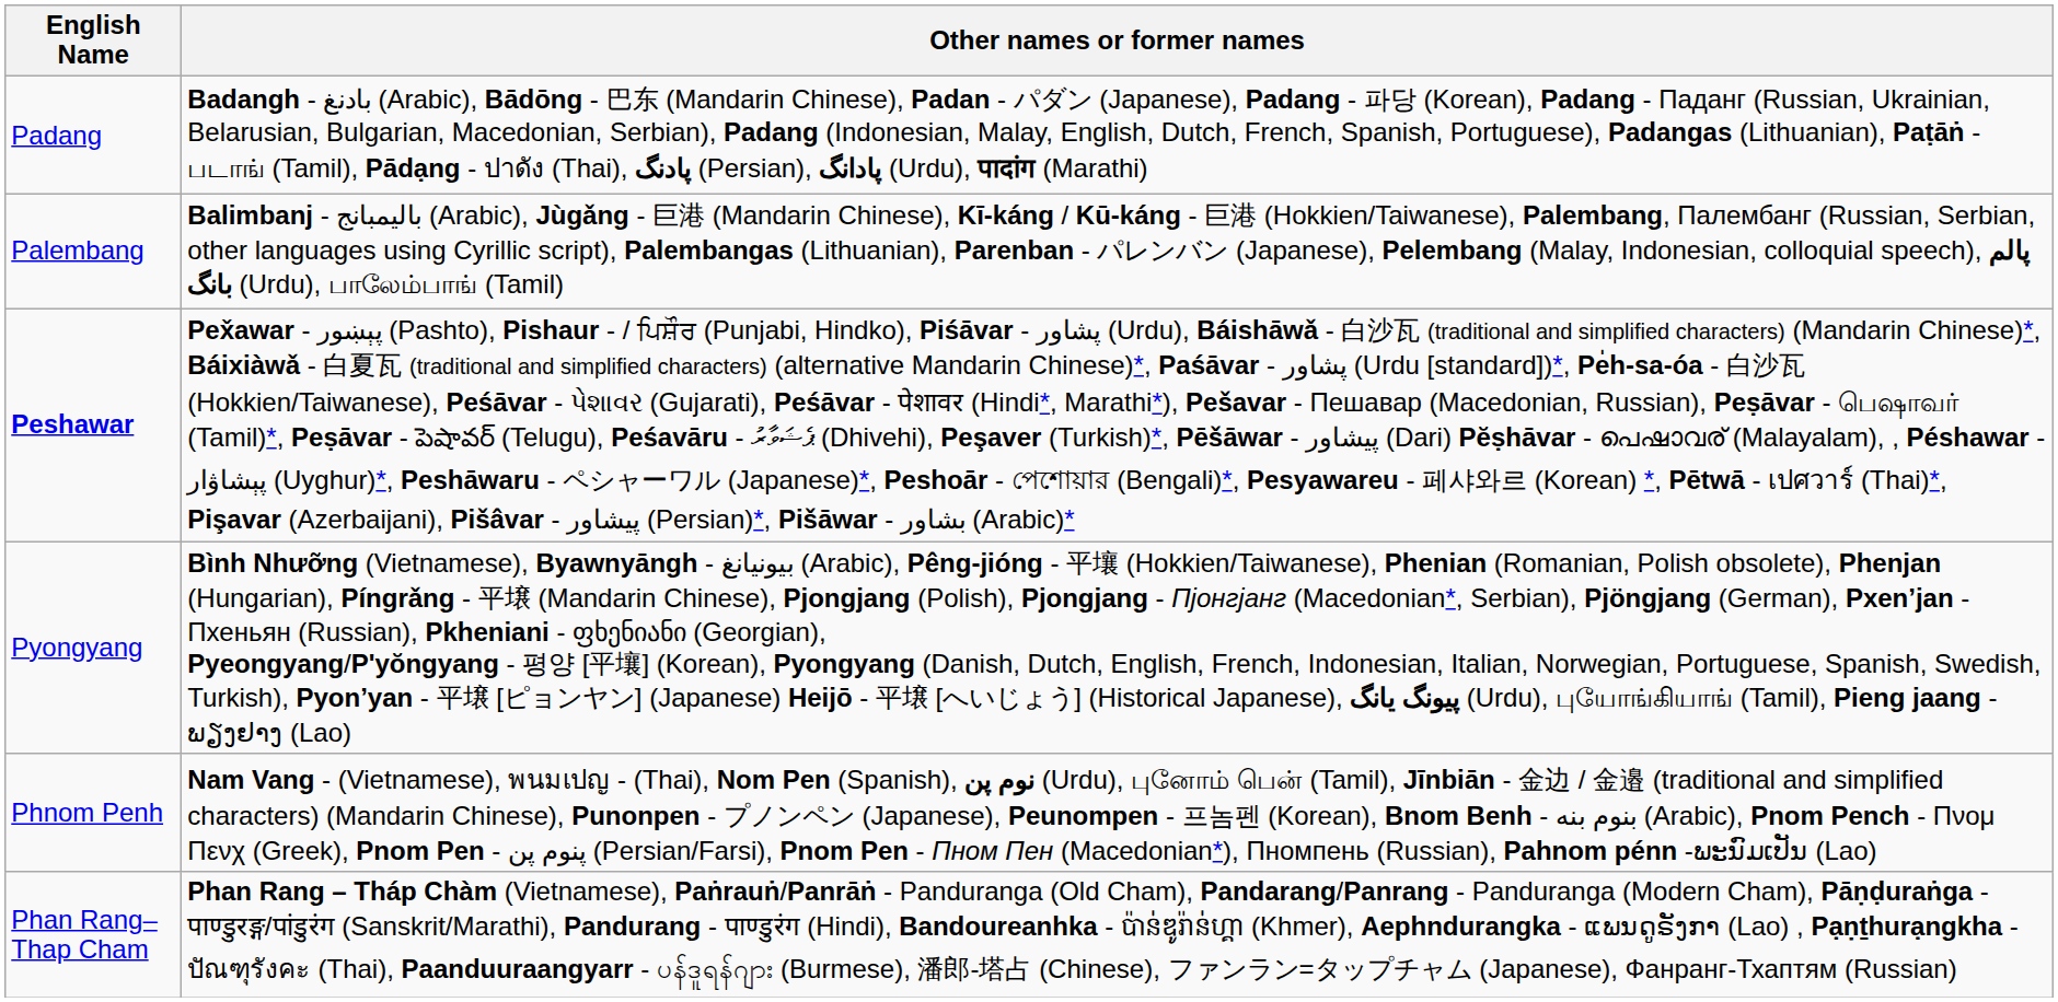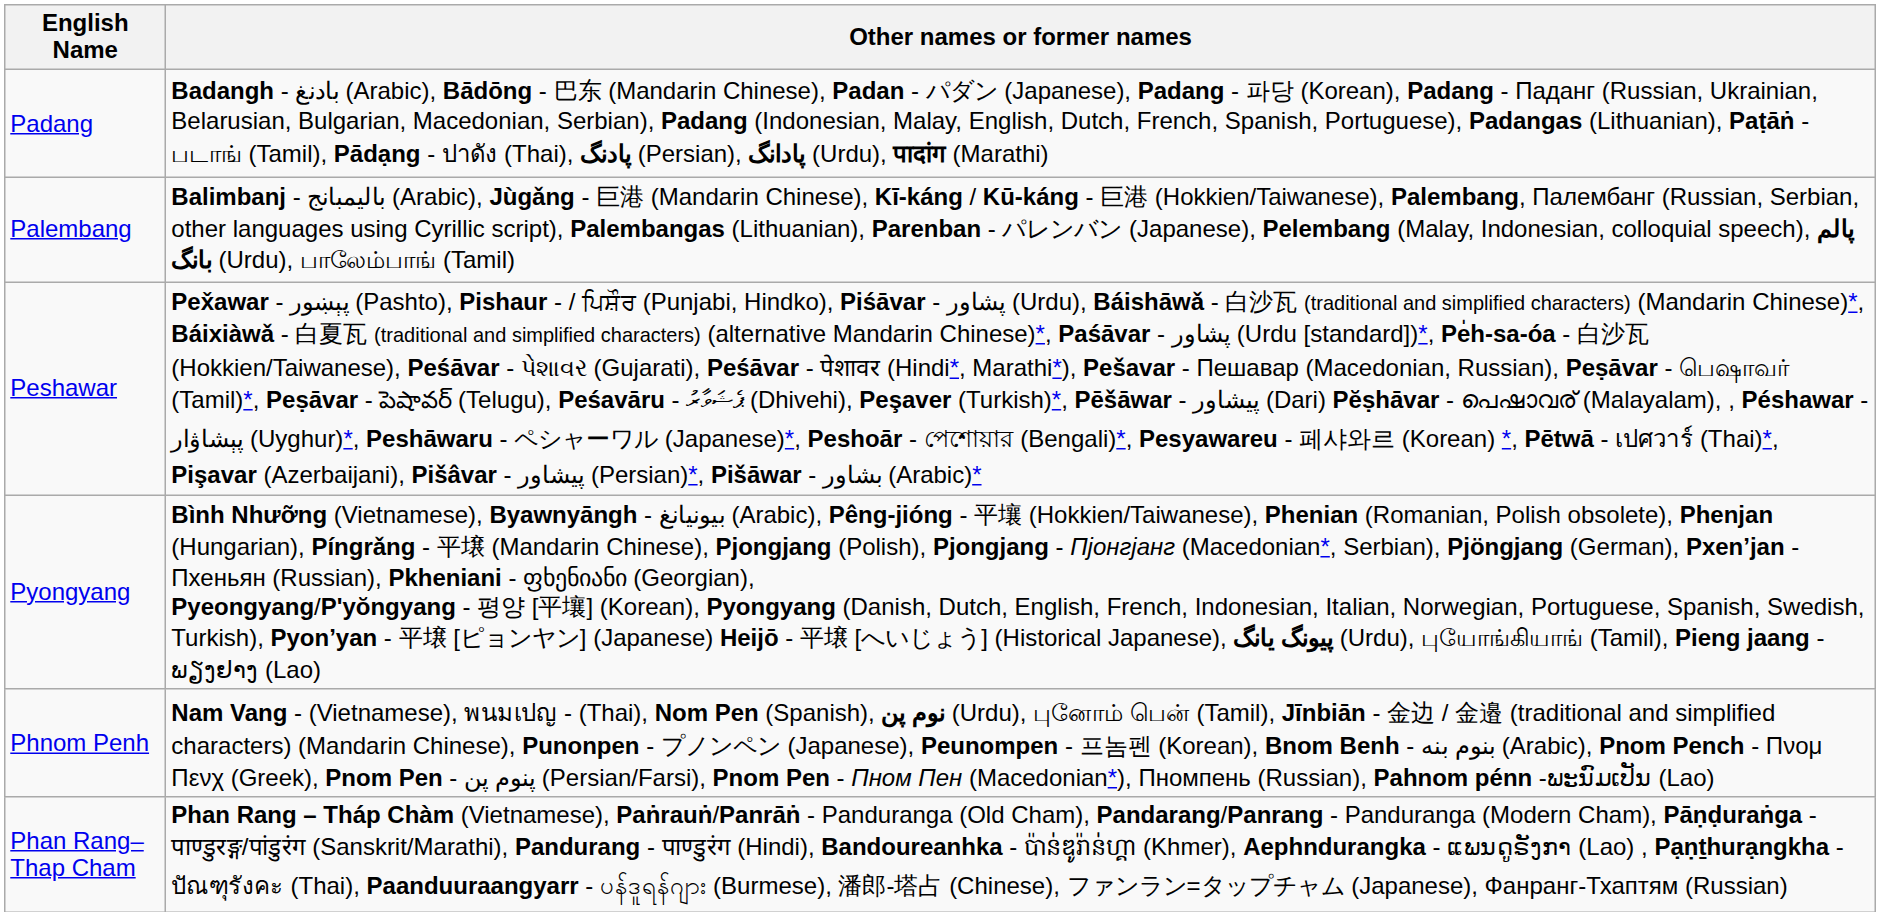 <table class="wikitable">
 <tr>
 <th style="width:100px;">English Name</th>
 <th>Other names or former names</th>
 </tr>
 <tr>
 <td> <a href='#'>Padang</a></td>
 <td><strong>Badangh</strong> - بادنغ (Arabic), <strong>Bādōng</strong> - 巴东 (Mandarin Chinese), <strong>Padan</strong> - パダン (Japanese), <strong>Padang</strong> - 파당 (Korean), <strong>Padang</strong> - Паданг (Russian, Ukrainian, Belarusian, Bulgarian, Macedonian, Serbian), <strong>Padang</strong> (Indonesian, Malay, English, Dutch, French, Spanish, Portuguese), <strong>Padangas</strong> (Lithuanian), <strong>Paṭāṅ</strong> - படாங் (Tamil), <strong>Pādạng</strong> - ปาดัง (Thai), <strong>پادنگ</strong> (Persian), <strong>پادانگ</strong> (Urdu), <strong>पादांग</strong> (Marathi)</td>
 </tr>
 <tr>
 <td> <a href='#'>Palembang</a></td>
 <td><strong>Balimbanj</strong> - باليمبانج (Arabic), <strong>Jùgǎng</strong> - 巨港 (Mandarin Chinese), <strong>Kī-káng</strong> / <strong>Kū-káng</strong> - 巨港 (Hokkien/Taiwanese), <strong>Palembang</strong>, Палембанг (Russian, Serbian, other languages using Cyrillic script), <strong>Palembangas</strong> (Lithuanian), <strong>Parenban</strong> - パレンバン (Japanese), <strong>Pelembang</strong> (Malay, Indonesian, colloquial speech), <strong> پالم بانگ</strong> (Urdu), பாலேம்பாங் (Tamil)</td>
 </tr>
 <tr>
-<td><strong> <a href='#'>Peshawar</a></strong></td>
+<td> <a href='#'>Peshawar</a></td>
 <td><strong>Pex̌awar</strong> - پېښور (Pashto), <strong>Pishaur</strong> -  / ਪਿਸ਼ੌਰ (Punjabi, Hindko), <strong>Piśāvar</strong> - پشاور (Urdu), <strong>Báishāwǎ</strong> - 白沙瓦 <small>(traditional and simplified characters)</small> (Mandarin Chinese)<a href='#'>*</a>, <strong>Báixiàwǎ</strong> - 白夏瓦 <small>(traditional and simplified characters)</small> (alternative Mandarin Chinese)<a href='#'>*</a>, <strong>Paśāvar</strong> - پشاور (Urdu [standard])<a href='#'>*</a>, <strong>Pe̍h-sa-óa</strong> - 白沙瓦 (Hokkien/Taiwanese), <strong>Peśāvar</strong> - પેશાવર (Gujarati), <strong>Peśāvar</strong> - पेशावर (Hindi<a href='#'>*</a>, Marathi<a href='#'>*</a>), <strong>Pešavar</strong> - Пешавар (Macedonian, Russian), <strong>Peṣāvar</strong> - பெஷாவர் (Tamil)<a href='#'>*</a>, <strong>Peṣāvar</strong> - పెషావర్ (Telugu), <strong>Peśavāru</strong> - ޕެޝަވާރު (Dhivehi), <strong>Peşaver</strong> (Turkish)<a href='#'>*</a>, <strong>Pēšāwar</strong> - پیشاور (Dari) <strong>Pĕṣhāvar</strong> - പെഷാവര് (Malayalam), , <strong>Péshawar</strong> - پېشاۋار (Uyghur)<a href='#'>*</a>, <strong>Peshāwaru</strong> - ペシャーワル (Japanese)<a href='#'>*</a>, <strong>Peshoār</strong> - পেশোয়ার (Bengali)<a href='#'>*</a>, <strong>Pesyawareu</strong> - 페샤와르 (Korean) <a href='#'>*</a>, <strong>Pētwā</strong> - เปศวาร์  (Thai)<a href='#'>*</a>, <strong>Pişavar</strong> (Azerbaijani), <strong>Pišâvar</strong> - پیشاور (Persian)<a href='#'>*</a>, <strong>Pišāwar</strong> - بشاور (Arabic)<a href='#'>*</a></td>
 </tr>
 <tr>
 <td> <a href='#'>Pyongyang</a></td>
 <td><strong>Bình Nhưỡng</strong> (Vietnamese), <strong>Byawnyāngh</strong> - بيونيانغ (Arabic), <strong>Pêng-jióng</strong> - 平壤 (Hokkien/Taiwanese), <strong>Phenian</strong> (Romanian, Polish obsolete), <strong>Phenjan</strong> (Hungarian), <strong>Píngrǎng</strong> - 平壌 (Mandarin Chinese), <strong>Pjongjang</strong> (Polish), <strong>Pjongjang</strong> - <em>Пјонгјанг</em> (Macedonian<a href='#'>*</a>, Serbian), <strong>Pjöngjang</strong> (German), <strong>Pxenʼjan</strong> - Пхеньян (Russian), <strong>Pkheniani</strong> - ფხენიანი (Georgian),<br><strong>Pyeongyang</strong>/<strong>P'yŏngyang</strong> - 평양 [平壤] (Korean), <strong>Pyongyang</strong> (Danish, Dutch, English, French, Indonesian, Italian, Norwegian, Portuguese, Spanish, Swedish, Turkish), <strong>Pyonʼyan</strong> - 平壌 [ピョンヤン] (Japanese) <strong>Heijō</strong> - 平壌 [へいじょう] (Historical Japanese), <strong>پیونگ یانگ</strong> (Urdu), புயோங்கியாங் (Tamil), <strong>Pieng jaang</strong> - ພຽງຢາງ (Lao)</td>
 </tr>
 <tr>
 <td> <a href='#'>Phnom Penh</a></td>
 <td><strong>Nam Vang</strong> - (Vietnamese), พนมเปญ - (Thai), <strong>Nom Pen</strong> (Spanish), <strong>نوم پن</strong> (Urdu), புனோம் பென் (Tamil), <strong>Jīnbiān</strong> - 金边 / 金邉 (traditional and simplified characters) (Mandarin Chinese), <strong>Punonpen</strong> - プノンペン (Japanese), <strong>Peunompen</strong> - 프놈펜 (Korean), <strong>Bnom Benh</strong> - بنوم بنه (Arabic), <strong>Pnom Pench</strong> - Πνομ Πενχ (Greek), <strong>Pnom Pen</strong> - پنوم پن (Persian/Farsi), <strong>Pnom Pen</strong> - <em>Пном Пен</em> (Macedonian<a href='#'>*</a>), Пномпень (Russian), <strong>Pahnom pénn</strong> -ພະນົມເປັນ (Lao)</td>
 </tr>
 <tr>
 <td> <a href='#'>Phan Rang–Thap Cham</a></td>
 <td><strong>Phan Rang – Tháp Chàm</strong> (Vietnamese), <strong>Paṅrauṅ</strong>/<strong>Panrāṅ</strong> - Panduranga (Old Cham), <strong>Pandarang</strong>/<strong>Panrang</strong> - Panduranga (Modern Cham), <strong>Pāṇḍuraṅga</strong> - पाण्डुरङ्ग/पांडुरंग (Sanskrit/Marathi), <strong>Pandurang</strong> - पाण्डुरंग (Hindi), <strong>Bandoureanhka</strong> - ប៉ាន់ឌូរ៉ាន់ហ្គា (Khmer), <strong>Aephndurangka</strong> - ແພນດູຣັງກາ (Lao) , <strong>Pạṇṯhurạngkha</strong> - ปัณฑุรังคะ (Thai), <strong>Paanduuraangyarr</strong> - ပန်ဒူရန်ဂျား (Burmese), 潘郎-塔占 (Chinese), ファンラン=タップチャム (Japanese), Фанранг-Тхаптям (Russian)</td>
 </tr>
 </table>
